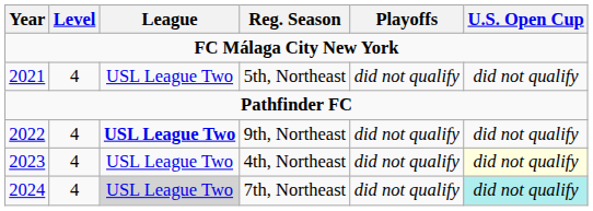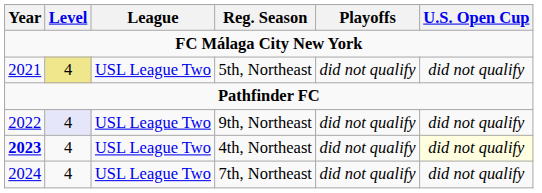 <table class="wikitable" style="text-align: center;">
 <tr>
 <th>Year</th>
 <th><a href='#'>Level</a></th>
 <th>League</th>
 <th>Reg. Season</th>
 <th>Playoffs</th>
 <th><a href='#'>U.S. Open Cup</a></th>
 </tr>
 <tr>
 <td colspan=6 align=center><strong>FC Málaga City New York</strong></td>
 </tr>
 <tr>
 <td><a href='#'>2021</a></td>
-<td>4</td>
+<td style="background: khaki;">4</td>
 <td><a href='#'>USL League Two</a></td>
 <td>5th, Northeast</td>
 <td><em>did not qualify</em></td>
 <td><em>did not qualify</em></td>
 </tr>
 <tr>
 <td colspan=6 align=center><strong>Pathfinder FC</strong></td>
 </tr>
 <tr>
 <td><a href='#'>2022</a></td>
-<td>4</td>
-<td><strong><a href='#'>USL League Two</a></strong></td>
+<td style="background: lavender;">4</td>
+<td><a href='#'>USL League Two</a></td>
 <td>9th, Northeast</td>
 <td><em>did not qualify</em></td>
 <td><em>did not qualify</em></td>
 </tr>
 <tr>
-<td><a href='#'>2023</a></td>
+<td><strong><a href='#'>2023</a></strong></td>
 <td>4</td>
 <td><a href='#'>USL League Two</a></td>
 <td>4th, Northeast</td>
 <td><em>did not qualify</em></td>
 <td style="background: lightyellow;"><em>did not qualify</em></td>
 </tr>
 <tr>
 <td><a href='#'>2024</a></td>
 <td>4</td>
-<td style="background: lightgrey;"><a href='#'>USL League Two</a></td>
+<td><a href='#'>USL League Two</a></td>
 <td>7th, Northeast</td>
 <td><em>did not qualify</em></td>
-<td style="background: paleturquoise;"><em>did not qualify</em></td>
+<td><em>did not qualify</em></td>
 </tr>
 </table>
